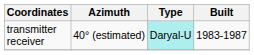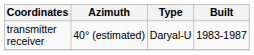 <table class="wikitable">
 <tr align=center>
 <th>Coordinates</th>
 <th>Azimuth </th>
 <th>Type</th>
 <th>Built</th>
 </tr>
 <tr>
 <td> transmitter<br> receiver</td>
 <td>40° (estimated)</td>
-<td style="background: paleturquoise;">Daryal-U</td>
+<td>Daryal-U</td>
 <td>1983-1987</td>
 </tr>
 <tr>
 </tr>
 </table>
